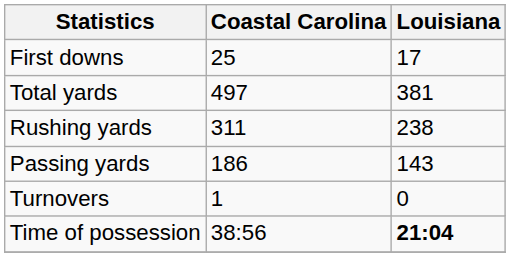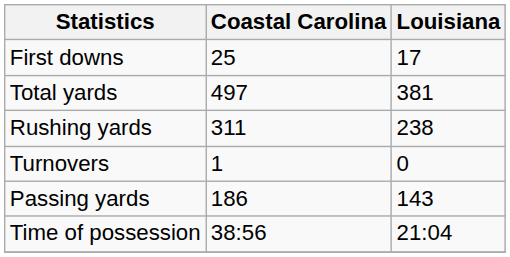 <table class="wikitable">
 <tr>
 <th>Statistics</th>
 <th>Coastal Carolina</th>
 <th>Louisiana</th>
 </tr>
 <tr>
 <td>First downs</td>
 <td>25</td>
 <td>17</td>
 </tr>
 <tr>
 <td>Total yards</td>
 <td>497</td>
 <td>381</td>
 </tr>
 <tr>
 <td>Rushing yards</td>
 <td>311</td>
 <td>238</td>
 </tr>
 <tr>
+<td>Turnovers</td>
+<td>1</td>
+<td>0</td>
+</tr>
+<tr>
 <td>Passing yards</td>
 <td>186</td>
 <td>143</td>
 </tr>
 <tr>
-<td>Turnovers</td>
-<td>1</td>
-<td>0</td>
-</tr>
-<tr>
 <td>Time of possession</td>
 <td>38:56</td>
-<td><strong>21:04</strong></td>
+<td>21:04</td>
 </tr>
 <tr>
 </tr>
 </table>
